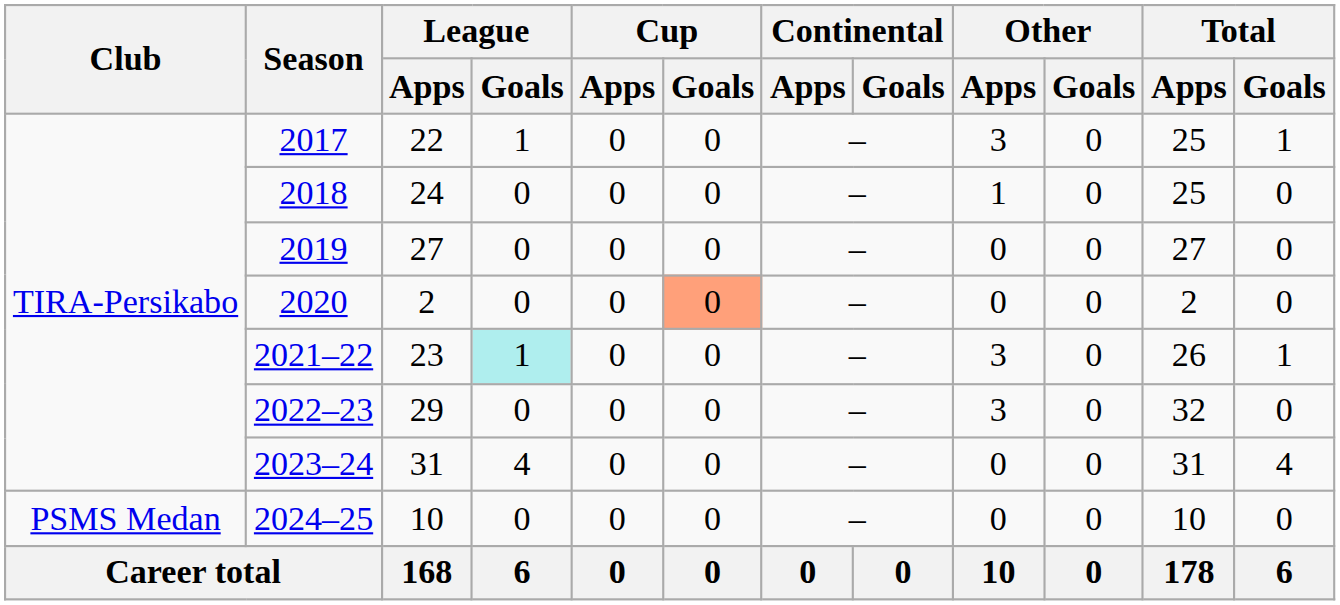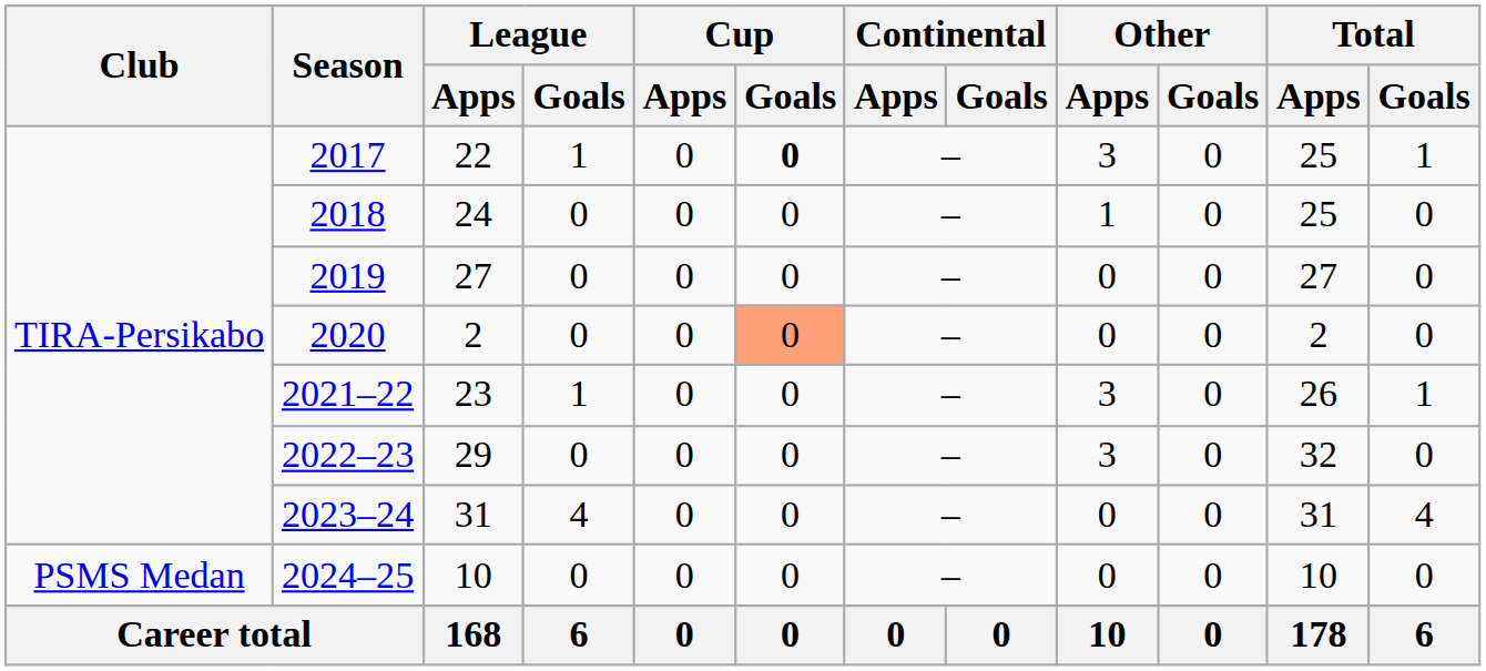 <table class="wikitable" style="text-align:center">
 <tr>
 <th rowspan="2">Club</th>
 <th rowspan="2">Season</th>
 <th colspan="2">League</th>
 <th colspan="2">Cup</th>
 <th colspan="2">Continental</th>
 <th colspan="2">Other</th>
 <th colspan="2">Total</th>
 </tr>
 <tr>
 <th>Apps</th>
 <th>Goals</th>
 <th>Apps</th>
 <th>Goals</th>
 <th>Apps</th>
 <th>Goals</th>
 <th>Apps</th>
 <th>Goals</th>
 <th>Apps</th>
 <th>Goals</th>
 </tr>
 <tr>
 <td rowspan="7" valign="center"><a href='#'>TIRA-Persikabo</a></td>
 <td><a href='#'>2017</a></td>
 <td>22</td>
 <td>1</td>
 <td>0</td>
-<td>0</td>
+<td><strong>0</strong></td>
 <td colspan="2">–</td>
 <td>3</td>
 <td>0</td>
 <td>25</td>
 <td>1</td>
 </tr>
 <tr>
 <td><a href='#'>2018</a></td>
 <td>24</td>
 <td>0</td>
 <td>0</td>
 <td>0</td>
 <td colspan="2">–</td>
 <td>1</td>
 <td>0</td>
 <td>25</td>
 <td>0</td>
 </tr>
 <tr>
 <td><a href='#'>2019</a></td>
 <td>27</td>
 <td>0</td>
 <td>0</td>
 <td>0</td>
 <td colspan="2">–</td>
 <td>0</td>
 <td>0</td>
 <td>27</td>
 <td>0</td>
 </tr>
 <tr>
 <td><a href='#'>2020</a></td>
 <td>2</td>
 <td>0</td>
 <td>0</td>
 <td style="background: lightsalmon;">0</td>
 <td colspan="2">–</td>
 <td>0</td>
 <td>0</td>
 <td>2</td>
 <td>0</td>
 </tr>
 <tr>
 <td><a href='#'>2021–22</a></td>
 <td>23</td>
-<td style="background: paleturquoise;">1</td>
+<td>1</td>
 <td>0</td>
 <td>0</td>
 <td colspan="2">–</td>
 <td>3</td>
 <td>0</td>
 <td>26</td>
 <td>1</td>
 </tr>
 <tr>
 <td><a href='#'>2022–23</a></td>
 <td>29</td>
 <td>0</td>
 <td>0</td>
 <td>0</td>
 <td colspan="2">–</td>
 <td>3</td>
 <td>0</td>
 <td>32</td>
 <td>0</td>
 </tr>
 <tr>
 <td><a href='#'>2023–24</a></td>
 <td>31</td>
 <td>4</td>
 <td>0</td>
 <td>0</td>
 <td colspan="2">–</td>
 <td>0</td>
 <td>0</td>
 <td>31</td>
 <td>4</td>
 </tr>
 <tr>
 <td rowspan="1"><a href='#'>PSMS Medan</a></td>
 <td><a href='#'>2024–25</a></td>
 <td>10</td>
 <td>0</td>
 <td>0</td>
 <td>0</td>
 <td colspan="2">–</td>
 <td>0</td>
 <td>0</td>
 <td>10</td>
 <td>0</td>
 </tr>
 <tr>
 <th colspan="2">Career total</th>
 <th>168</th>
 <th>6</th>
 <th>0</th>
 <th>0</th>
 <th>0</th>
 <th>0</th>
 <th>10</th>
 <th>0</th>
 <th>178</th>
 <th>6</th>
 </tr>
 </table>
